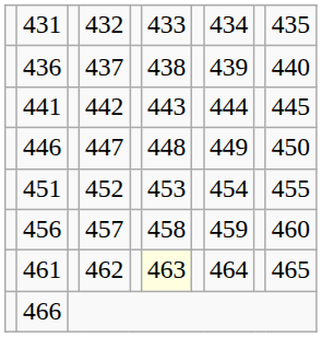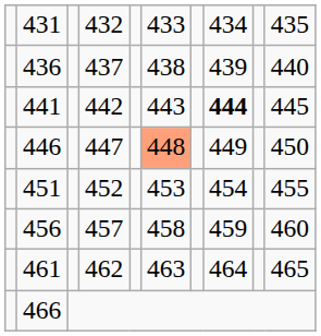 <table class="wikitable" style="text-align:center">
 <tr>
 <td></td>
 <td>431<br><big></big></td>
 <td></td>
 <td>432<br><big></big></td>
 <td></td>
 <td>433<br><big></big></td>
 <td></td>
 <td>434<br><big></big></td>
 <td></td>
 <td>435<br><big></big></td>
 </tr>
 <tr>
 <td></td>
 <td>436<br><big></big></td>
 <td></td>
 <td>437<br><big></big></td>
 <td></td>
 <td>438<br><big></big></td>
 <td></td>
 <td>439<br><big></big></td>
 <td></td>
 <td>440<br><big></big></td>
 </tr>
 <tr>
 <td></td>
 <td>441<br><big></big></td>
 <td></td>
 <td>442<br><big></big></td>
 <td></td>
 <td>443<br><big></big></td>
 <td></td>
-<td>444<br><big></big></td>
+<td><strong>444<br><big></big></strong></td>
 <td></td>
 <td>445<br><big></big></td>
 </tr>
 <tr>
 <td></td>
 <td>446<br><big></big></td>
 <td></td>
 <td>447<br><big></big></td>
 <td></td>
-<td>448<br><big></big></td>
+<td style="background: lightsalmon;">448<br><big></big></td>
 <td></td>
 <td>449<br><big></big></td>
 <td></td>
 <td>450<br><big></big></td>
 </tr>
 <tr>
 <td></td>
 <td>451<br><big></big></td>
 <td></td>
 <td>452<br><big></big></td>
 <td></td>
 <td>453<br><big></big></td>
 <td></td>
 <td>454<br><big></big></td>
 <td></td>
 <td>455<br><big></big></td>
 </tr>
 <tr>
 <td></td>
 <td>456<br><big></big></td>
 <td></td>
 <td>457<br><big></big></td>
 <td></td>
 <td>458<br><big></big></td>
 <td></td>
 <td>459<br><big></big></td>
 <td></td>
 <td>460<br><big></big></td>
 </tr>
 <tr>
 <td></td>
 <td>461<br><big></big></td>
 <td></td>
 <td>462<br><big></big></td>
 <td></td>
-<td style="background: lightyellow;">463<br><big></big></td>
+<td>463<br><big></big></td>
 <td></td>
 <td>464<br><big></big></td>
 <td></td>
 <td>465<br><big></big></td>
 </tr>
 <tr>
 <td></td>
 <td>466<br><big></big></td>
 </tr>
 </table>
